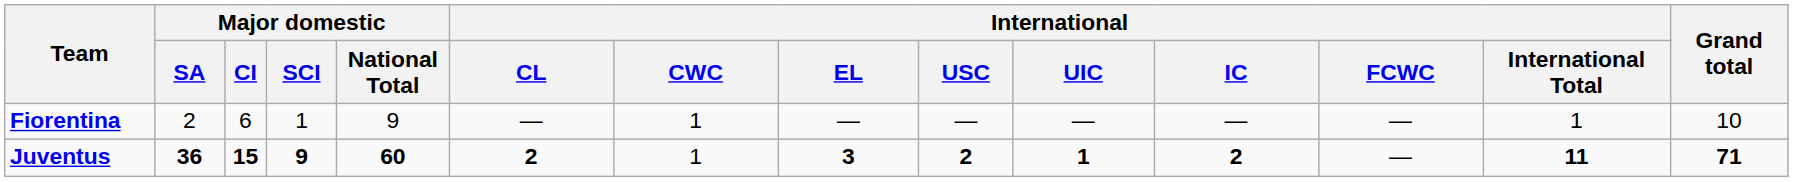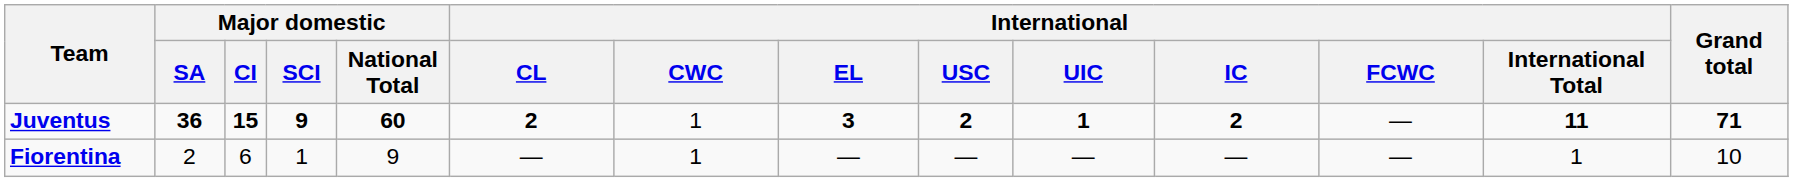 <table class="wikitable sortable">
 <tr>
 <th rowspan="2" style="width:5%;">Team</th>
 <th colspan="4" style="width:17%;">Major domestic</th>
 <th colspan="8" style="width:19%;">International</th>
 <th rowspan="2" style="width:5%;">Grand total</th>
 </tr>
 <tr>
 <th style="width:3%;" class="sortable"><a href='#'>SA</a></th>
 <th style="width:1%;" class="sortable"><a href='#'>CI</a></th>
 <th style="width:3%;" class="sortable"><a href='#'>SCI</a></th>
 <th style="width:2%;" class="sortable">National Total</th>
 <th style="width:7%;" class="sortable"><a href='#'>CL</a></th>
 <th style="width:7%;" class="sortable"><a href='#'>CWC</a></th>
 <th style="width:6%;" class="sortable"><a href='#'>EL</a></th>
 <th style="width:4%;" class="sortable"><a href='#'>USC</a></th>
 <th style="width:6%;" class="sortable"><a href='#'>UIC</a></th>
 <th style="width:7%;" class="sortable"><a href='#'>IC</a></th>
 <th style="width:7%;" class="sortable"><a href='#'>FCWC</a></th>
 <th style="width:7%;" class="sortable">International Total</th>
 </tr>
 <tr>
+<td><strong><a href='#'>Juventus</a></strong></td>
+<td align=center><strong>36</strong></td>
+<td align=center><strong>15</strong></td>
+<td align=center><strong>9</strong></td>
+<td align=center><strong>60</strong></td>
+<td align=center><strong>2</strong></td>
+<td align=center>1</td>
+<td align=center><strong>3</strong></td>
+<td align=center><strong>2</strong></td>
+<td align=center><strong>1</strong></td>
+<td align=center><strong>2</strong></td>
+<td align=center>—</td>
+<td align=center><strong>11</strong></td>
+<td align=center><strong>71</strong></td>
+</tr>
+<tr>
 <td><strong><a href='#'>Fiorentina</a></strong></td>
 <td align=center>2</td>
 <td align=center>6</td>
 <td align=center>1</td>
 <td align=center>9</td>
 <td align=center>—</td>
 <td align=center>1</td>
 <td align=center>—</td>
 <td align=center>—</td>
 <td align=center>—</td>
 <td align=center>—</td>
 <td align=center>—</td>
 <td align=center>1</td>
 <td align=center>10</td>
 </tr>
-<tr>
-<td><strong><a href='#'>Juventus</a></strong></td>
-<td align=center><strong>36</strong></td>
-<td align=center><strong>15</strong></td>
-<td align=center><strong>9</strong></td>
-<td align=center><strong>60</strong></td>
-<td align=center><strong>2</strong></td>
-<td align=center>1</td>
-<td align=center><strong>3</strong></td>
-<td align=center><strong>2</strong></td>
-<td align=center><strong>1</strong></td>
-<td align=center><strong>2</strong></td>
-<td align=center>—</td>
-<td align=center><strong>11</strong></td>
-<td align=center><strong>71</strong></td>
-</tr>
 </table>
